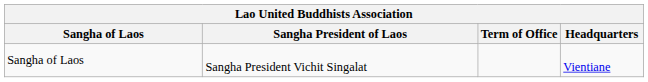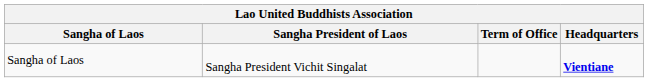 <table class=wikitable>
 <tr>
 <th colspan="4" align=center><strong>Lao United Buddhists Association</strong> </th>
 </tr>
 <tr>
 <th scope="row" width="250">Sangha of Laos</th>
 <th scope="row" width="350">Sangha President of Laos</th>
 <th scope="row" width="100">Term of Office</th>
 <th scope="row" width="100">Headquarters</th>
 </tr>
 <tr>
 <td>Sangha of Laos</td>
 <td><br>Sangha President Vichit Singalat </td>
 <td></td>
-<td><br><a href='#'>Vientiane</a></td>
+<td><strong><br><a href='#'>Vientiane</a></strong></td>
 </tr>
 </table>
